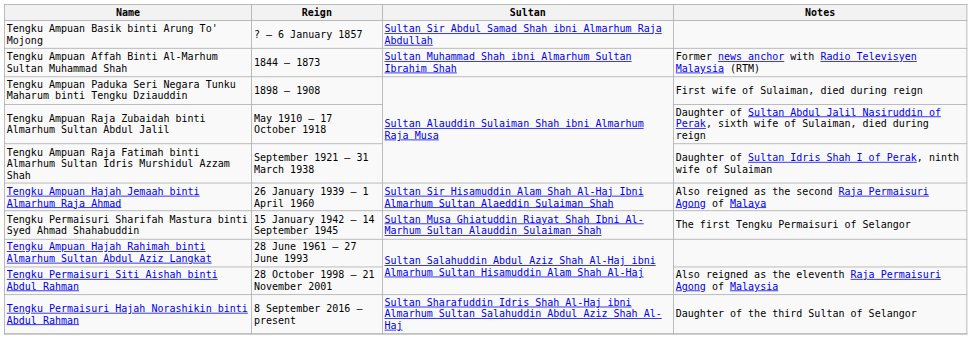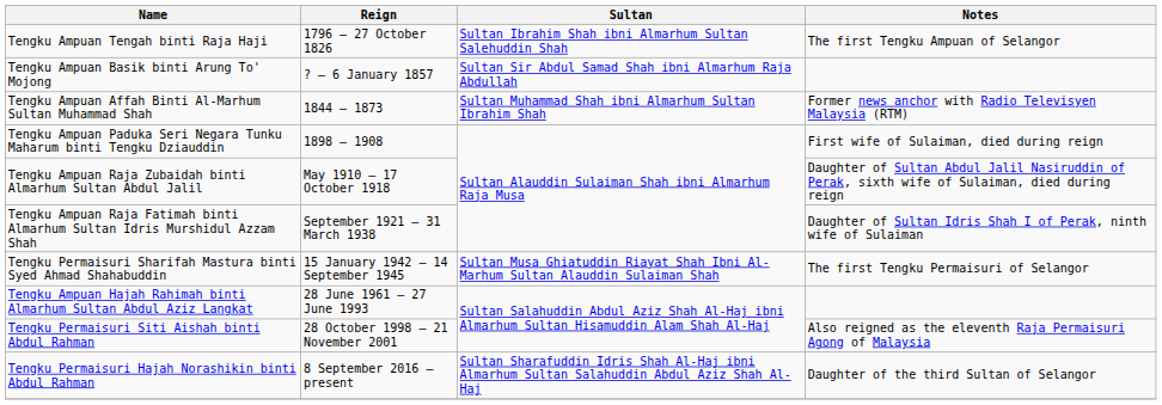 <table class="wikitable">
 <tr>
 <th>Name</th>
 <th>Reign</th>
 <th>Sultan</th>
 <th>Notes</th>
+</tr>
+<tr>
+<td>Tengku Ampuan Tengah binti Raja Haji</td>
+<td>1796 – 27 October 1826</td>
+<td><a href='#'>Sultan Ibrahim Shah ibni Almarhum Sultan Salehuddin Shah</a></td>
+<td>The first Tengku Ampuan of Selangor</td>
 </tr>
 <tr>
 <td>Tengku Ampuan Basik binti Arung To' Mojong</td>
 <td>? – 6 January 1857</td>
 <td><a href='#'>Sultan Sir Abdul Samad Shah ibni Almarhum Raja Abdullah</a></td>
 <td></td>
 </tr>
 <tr>
 <td>Tengku Ampuan Affah Binti Al-Marhum Sultan Muhammad Shah</td>
 <td>1844 – 1873</td>
 <td><a href='#'>Sultan Muhammad Shah ibni Almarhum Sultan Ibrahim Shah</a></td>
 <td>Former <a href='#'>news anchor</a> with <a href='#'>Radio Televisyen Malaysia</a> (RTM)</td>
 </tr>
 <tr>
 <td>Tengku Ampuan Paduka Seri Negara Tunku Maharum binti Tengku Dziauddin</td>
 <td>1898 – 1908</td>
 <td rowspan="3"><a href='#'>Sultan Alauddin Sulaiman Shah ibni Almarhum Raja Musa</a></td>
 <td>First wife of Sulaiman, died during reign</td>
 </tr>
 <tr>
 <td>Tengku Ampuan Raja Zubaidah binti Almarhum Sultan Abdul Jalil</td>
 <td>May 1910 – 17 October 1918</td>
 <td>Daughter of <a href='#'>Sultan Abdul Jalil Nasiruddin of Perak</a>, sixth wife of Sulaiman, died during reign</td>
 </tr>
 <tr>
 <td>Tengku Ampuan Raja Fatimah binti Almarhum Sultan Idris Murshidul Azzam Shah</td>
 <td>September 1921 – 31 March 1938</td>
 <td>Daughter of <a href='#'>Sultan Idris Shah I of Perak</a>, ninth wife of Sulaiman</td>
 </tr>
 <tr>
-<td><a href='#'>Tengku Ampuan Hajah Jemaah binti Almarhum Raja Ahmad</a></td>
-<td>26 January 1939 – 1 April 1960</td>
-<td><a href='#'>Sultan Sir Hisamuddin Alam Shah Al-Haj Ibni Almarhum Sultan Alaeddin Sulaiman Shah</a></td>
-<td>Also reigned as the second <a href='#'>Raja Permaisuri Agong</a> of <a href='#'>Malaya</a></td>
-</tr>
-<tr>
 <td>Tengku Permaisuri Sharifah Mastura binti Syed Ahmad Shahabuddin</td>
 <td>15 January 1942 – 14 September 1945</td>
 <td><a href='#'>Sultan Musa Ghiatuddin Riayat Shah Ibni Al-Marhum Sultan Alauddin Sulaiman Shah</a></td>
 <td>The first Tengku Permaisuri of Selangor</td>
 </tr>
 <tr>
 <td><a href='#'>Tengku Ampuan Hajah Rahimah binti Almarhum Sultan Abdul Aziz Langkat</a></td>
 <td>28 June 1961 – 27 June 1993</td>
 <td rowspan="2"><a href='#'>Sultan Salahuddin Abdul Aziz Shah Al-Haj ibni Almarhum Sultan Hisamuddin Alam Shah Al-Haj</a></td>
 <td></td>
 </tr>
 <tr>
 <td><a href='#'>Tengku Permaisuri Siti Aishah binti Abdul Rahman</a></td>
 <td>28 October 1998 – 21 November 2001</td>
 <td>Also reigned as the eleventh <a href='#'>Raja Permaisuri Agong</a> of <a href='#'>Malaysia</a></td>
 </tr>
 <tr>
 <td><a href='#'>Tengku Permaisuri Hajah Norashikin binti Abdul Rahman</a></td>
 <td>8 September 2016 – present</td>
 <td><a href='#'>Sultan Sharafuddin Idris Shah Al-Haj ibni Almarhum Sultan Salahuddin Abdul Aziz Shah Al-Haj</a></td>
 <td>Daughter of the third Sultan of Selangor</td>
 </tr>
 <tr>
 </tr>
 </table>
